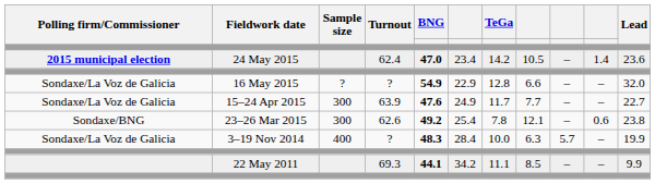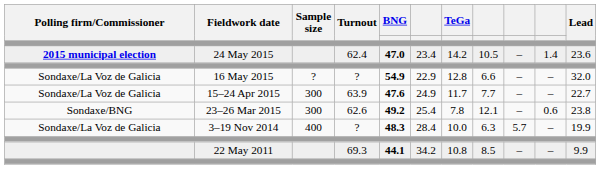 <table class="wikitable collapsible collapsed" style="text-align:center; font-size:95%; line-height:16px;">
 <tr style="height:42px;">
 <th style="width:250px;" rowspan="2">Polling firm/Commissioner</th>
 <th style="width:125px;" rowspan="2">Fieldwork date</th>
 <th style="width:50px;" rowspan="2">Sample size</th>
 <th style="width:45px;" rowspan="2">Turnout</th>
 <th style="width:35px;"><a href='#'>BNG</a></th>
 <th style="width:35px;"></th>
 <th style="width:35px;"><a href='#'>TeGa</a></th>
 <th style="width:35px;"></th>
 <th style="width:35px;"></th>
 <th style="width:35px;"></th>
 <th style="width:30px;" rowspan="2">Lead</th>
 </tr>
 <tr>
 <th style="color:inherit;background:"></th>
 <th style="color:inherit;background:"></th>
 <th style="color:inherit;background:"></th>
 <th style="color:inherit;background:"></th>
 <th style="color:inherit;background:"></th>
 <th style="color:inherit;background:"></th>
 </tr>
 <tr>
 <td colspan="11" style="background:#A0A0A0"></td>
 </tr>
 <tr style="background:#EFEFEF;">
 <td><strong><a href='#'>2015 municipal election</a></strong></td>
 <td>24 May 2015</td>
 <td></td>
 <td>62.4</td>
 <td><strong>47.0</strong><br></td>
 <td>23.4<br></td>
 <td>14.2<br></td>
 <td>10.5<br></td>
 <td>–</td>
 <td>1.4<br></td>
 <td style="background:">23.6</td>
 </tr>
 <tr>
 <td colspan="11" style="background:#A0A0A0"></td>
 </tr>
 <tr>
 <td>Sondaxe/La Voz de Galicia</td>
 <td>16 May 2015</td>
 <td>?</td>
 <td>?</td>
 <td><strong>54.9</strong><br></td>
 <td>22.9<br></td>
 <td>12.8<br></td>
 <td>6.6<br></td>
 <td>–</td>
 <td>–</td>
 <td style="background:">32.0</td>
 </tr>
 <tr>
 <td>Sondaxe/La Voz de Galicia</td>
 <td>15–24 Apr 2015</td>
 <td>300</td>
 <td>63.9</td>
 <td><strong>47.6</strong><br></td>
 <td>24.9<br></td>
 <td>11.7<br></td>
 <td>7.7<br></td>
 <td>–</td>
 <td>–</td>
 <td style="background:">22.7</td>
 </tr>
 <tr>
 <td>Sondaxe/BNG</td>
 <td>23–26 Mar 2015</td>
 <td>300</td>
 <td>62.6</td>
 <td><strong>49.2</strong><br></td>
 <td>25.4<br></td>
 <td>7.8<br></td>
 <td>12.1<br></td>
 <td>–</td>
 <td>0.6<br></td>
 <td style="background:">23.8</td>
 </tr>
 <tr>
 <td>Sondaxe/La Voz de Galicia</td>
 <td>3–19 Nov 2014</td>
 <td>400</td>
 <td>?</td>
 <td><strong>48.3</strong><br></td>
 <td>28.4<br></td>
 <td>10.0<br></td>
 <td>6.3<br></td>
 <td>5.7<br></td>
 <td>–</td>
 <td style="background:">19.9</td>
 </tr>
 <tr>
 <td colspan="11" style="background:#A0A0A0"></td>
 </tr>
 <tr style="background:#EFEFEF;">
 <td><strong></strong></td>
 <td>22 May 2011</td>
 <td></td>
 <td>69.3</td>
 <td><strong>44.1</strong><br></td>
 <td>34.2<br></td>
-<td>11.1<br></td>
+<td>10.8<br></td>
 <td>8.5<br></td>
 <td>–</td>
 <td>–</td>
 <td style="background:">9.9</td>
 </tr>
 <tr>
 <td colspan="11" style="background:#A0A0A0"></td>
 </tr>
 </table>
